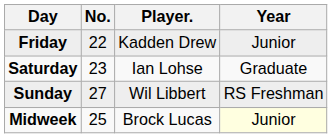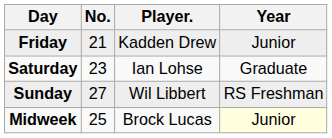 <table class="wikitable non-sortable">
 <tr>
 <th style="text-align:center; ">Day</th>
 <th style="text-align:center; ">No.</th>
 <th style="text-align:center; ">Player.</th>
 <th style="text-align:center; ">Year</th>
 </tr>
 <tr style="background:#eeeeee;text-align:center;">
 <td><strong>Friday</strong></td>
-<td>22</td>
+<td>21</td>
 <td>Kadden Drew</td>
 <td>Junior</td>
 </tr>
 <tr style="text-align:center;">
 <td><strong>Saturday</strong></td>
 <td>23</td>
 <td>Ian Lohse</td>
 <td>Graduate</td>
 </tr>
 <tr style="background:#eeeeee;text-align:center;">
 <td><strong>Sunday</strong></td>
 <td>27</td>
 <td>Wil Libbert</td>
 <td>RS Freshman</td>
 </tr>
 <tr style="text-align:center;">
 <td><strong>Midweek</strong></td>
 <td>25</td>
 <td>Brock Lucas</td>
 <td style="background: lightyellow;">Junior</td>
 </tr>
 </table>
